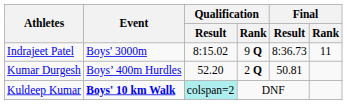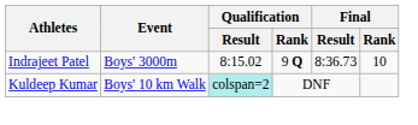 <table class="wikitable" style="font-size:90%;">
 <tr>
 <th rowspan=2>Athletes</th>
 <th rowspan=2>Event</th>
 <th colspan=2>Qualification</th>
 <th colspan=2>Final</th>
 </tr>
 <tr>
 <th>Result</th>
 <th>Rank</th>
 <th>Result</th>
 <th>Rank</th>
 </tr>
 <tr>
 <td><a href='#'>Indrajeet Patel</a></td>
 <td><a href='#'>Boys' 3000m</a></td>
 <td align=center>8:15.02</td>
 <td align=center>9 <strong>Q</strong></td>
 <td align=center>8:36.73</td>
-<td align=center>11</td>
-</tr>
-<tr>
-<td><a href='#'>Kumar Durgesh</a></td>
-<td><a href='#'>Boys’ 400m Hurdles</a></td>
-<td align=center>52.20</td>
-<td align=center>2 <strong>Q</strong></td>
-<td align=center>50.81</td>
-<td align=center></td>
+<td align=center>10</td>
 </tr>
 <tr>
 <td><a href='#'>Kuldeep Kumar</a></td>
-<td><strong><a href='#'>Boys' 10 km Walk</a></strong></td>
+<td><a href='#'>Boys' 10 km Walk</a></td>
 <td style="background: paleturquoise;">colspan=2 </td>
 <td style="text-align:center;" colspan="2">DNF</td>
 </tr>
 </table>
